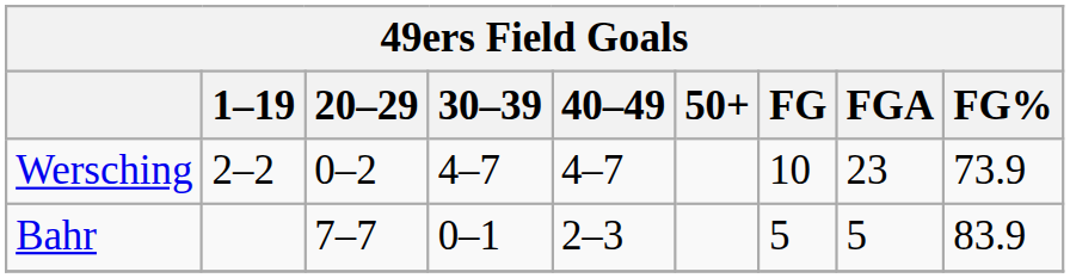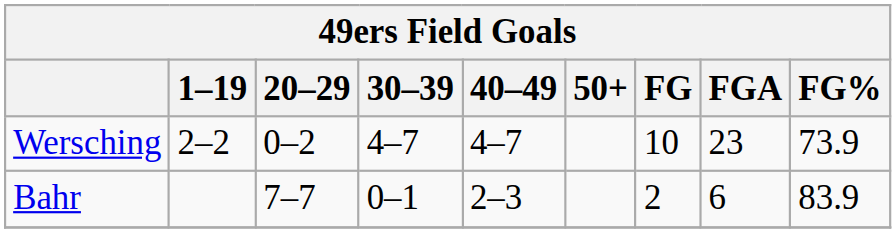 <table class="wikitable">
 <tr>
 <th colspan=9>49ers Field Goals</th>
 </tr>
 <tr>
 <th></th>
 <th>1–19</th>
 <th>20–29</th>
 <th>30–39</th>
 <th>40–49</th>
 <th>50+</th>
 <th>FG</th>
 <th>FGA</th>
 <th>FG%</th>
 </tr>
 <tr>
 <td><a href='#'>Wersching</a></td>
 <td>2–2</td>
 <td>0–2</td>
 <td>4–7</td>
 <td>4–7</td>
 <td></td>
 <td>10</td>
 <td>23</td>
 <td>73.9</td>
 </tr>
 <tr>
 <td><a href='#'>Bahr</a></td>
 <td></td>
 <td>7–7</td>
 <td>0–1</td>
 <td>2–3</td>
 <td></td>
-<td>5</td>
-<td>5</td>
+<td>2</td>
+<td>6</td>
 <td>83.9</td>
 </tr>
 <tr>
 </tr>
 </table>
